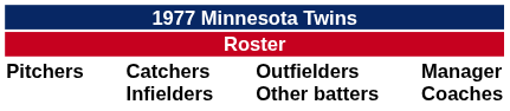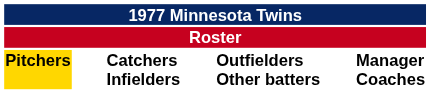 <table class="toccolours" style="font-size: 95%;">
 <tr>
 <th colspan="10" style="background-color: #072764; color: white; text-align: center;">1977 Minnesota Twins</th>
 </tr>
 <tr>
 <td colspan="10" style="background-color: #c6011f; color: white; text-align: center;"><strong>Roster</strong></td>
 </tr>
 <tr>
-<td valign="top"><strong>Pitchers</strong><br>              </td>
+<td valign="top" style="background: gold;"><strong>Pitchers</strong><br>              </td>
 <td width="25px"></td>
 <td valign="top"><strong>Catchers</strong><br>   <strong>Infielders</strong>          </td>
 <td width="25px"></td>
 <td valign="top"><strong>Outfielders</strong><br>       <strong>Other batters</strong> </td>
 <td width="25px"></td>
 <td valign="top"><strong>Manager</strong><br> <strong>Coaches</strong>    </td>
 </tr>
 <tr>
 </tr>
 </table>
